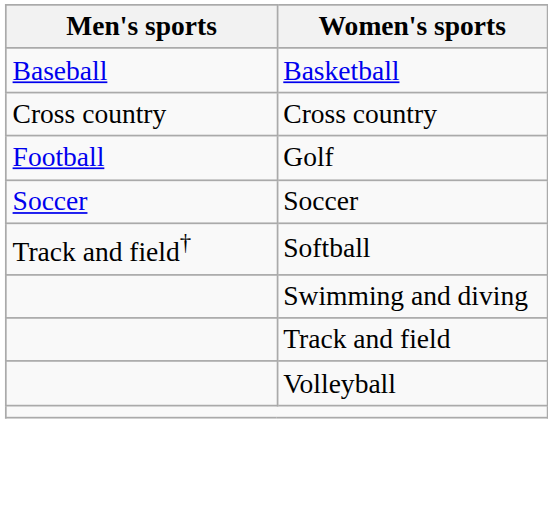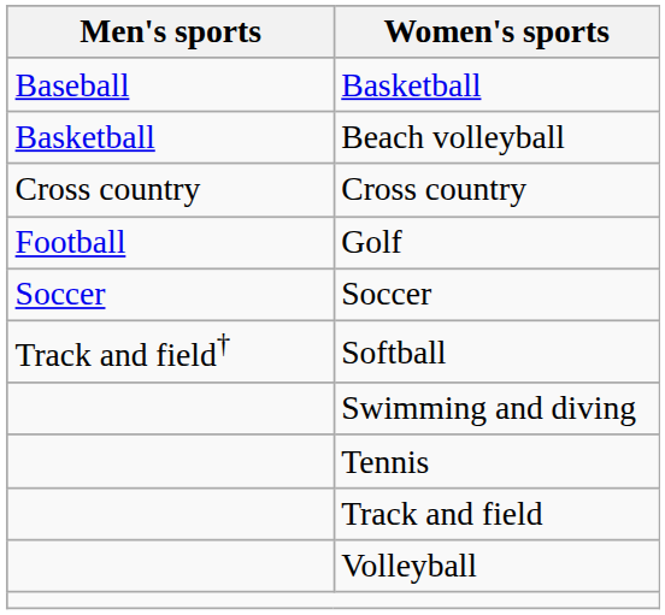 <table class="wikitable" style="float:right; clear:right; margin:0 0 1em 1em;">
 <tr>
 <th width=150px>Men's sports</th>
 <th width=150px>Women's sports</th>
 </tr>
 <tr>
 <td><a href='#'>Baseball</a></td>
 <td><a href='#'>Basketball</a></td>
+</tr>
+<tr>
+<td><a href='#'>Basketball</a></td>
+<td>Beach volleyball</td>
 </tr>
 <tr>
 <td>Cross country</td>
 <td>Cross country</td>
 </tr>
 <tr>
 <td><a href='#'>Football</a></td>
 <td>Golf</td>
 </tr>
 <tr>
 <td><a href='#'>Soccer</a></td>
 <td>Soccer</td>
 </tr>
 <tr>
 <td>Track and field<sup>†</sup></td>
 <td>Softball</td>
 </tr>
 <tr>
 <td></td>
 <td>Swimming and diving</td>
 </tr>
 <tr>
 <td></td>
+<td>Tennis</td>
+</tr>
+<tr>
+<td></td>
 <td>Track and field</td>
 </tr>
 <tr>
 <td></td>
 <td>Volleyball</td>
 </tr>
 <tr>
 <td colspan="2"></td>
 </tr>
 </table>
